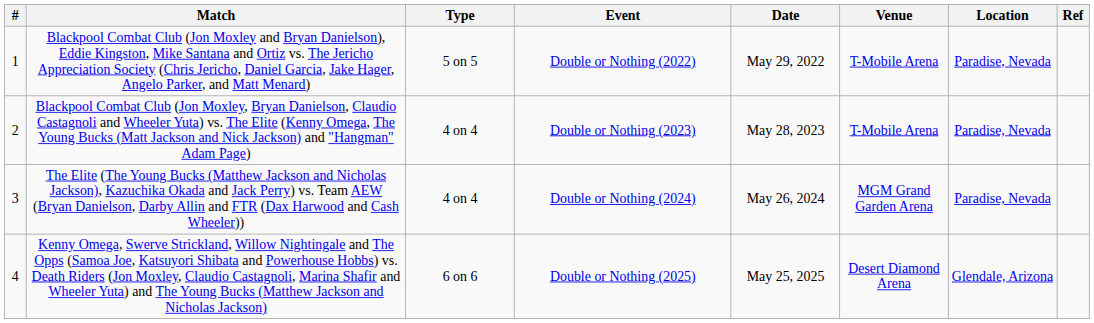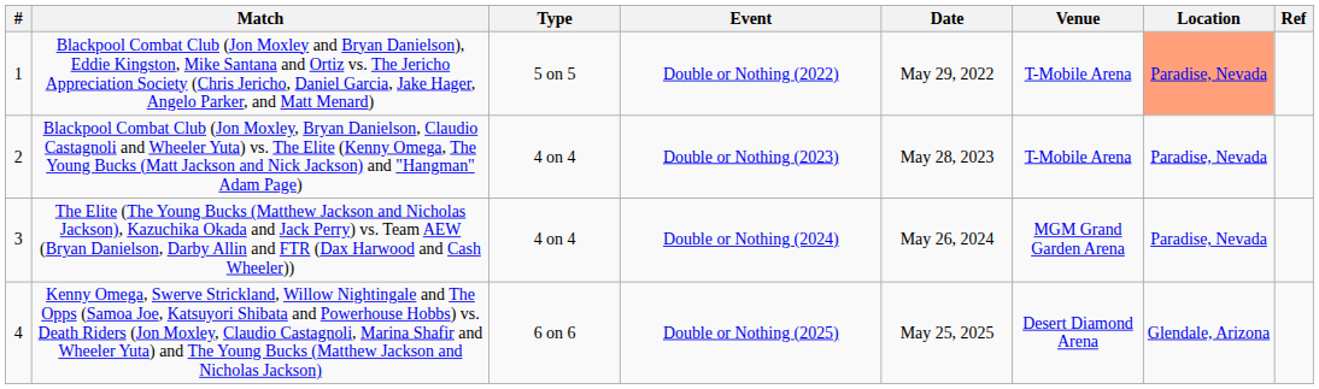 <table class="wikitable plainrowheaders" style="text-align:center"; margin-right: 0;">
 <tr>
 <th width=2%>#</th>
 <th width=35%>Match</th>
 <th width=10%>Type</th>
 <th width=20%>Event</th>
 <th width=10%>Date</th>
 <th width=10%>Venue</th>
 <th width=10%>Location</th>
 <th width=3%>Ref</th>
 </tr>
 <tr>
 <td align=center>1</td>
 <td><a href='#'>Blackpool Combat Club</a> (<a href='#'>Jon Moxley</a> and <a href='#'>Bryan Danielson</a>), <a href='#'>Eddie Kingston</a>, <a href='#'>Mike Santana</a> and <a href='#'>Ortiz</a> vs. <a href='#'>The Jericho Appreciation Society</a> (<a href='#'>Chris Jericho</a>, <a href='#'>Daniel Garcia</a>, <a href='#'>Jake Hager</a>, <a href='#'>Angelo Parker</a>, and <a href='#'>Matt Menard</a>)</td>
 <td>5 on 5</td>
 <td><a href='#'>Double or Nothing (2022)</a></td>
 <td>May 29, 2022</td>
 <td><a href='#'>T-Mobile Arena</a></td>
-<td><a href='#'>Paradise, Nevada</a></td>
+<td style="background: lightsalmon;"><a href='#'>Paradise, Nevada</a></td>
 <td></td>
 </tr>
 <tr>
 <td align=center>2</td>
 <td><a href='#'>Blackpool Combat Club</a> (<a href='#'>Jon Moxley</a>, <a href='#'>Bryan Danielson</a>, <a href='#'>Claudio Castagnoli</a> and <a href='#'>Wheeler Yuta</a>) vs. <a href='#'>The Elite</a> (<a href='#'>Kenny Omega</a>, <a href='#'>The Young Bucks (Matt Jackson and Nick Jackson)</a> and <a href='#'>"Hangman" Adam Page</a>)</td>
 <td>4 on 4</td>
 <td><a href='#'>Double or Nothing (2023)</a></td>
 <td>May 28, 2023</td>
 <td><a href='#'>T-Mobile Arena</a></td>
 <td><a href='#'>Paradise, Nevada</a></td>
 <td></td>
 </tr>
 <tr>
 <td align=center>3</td>
 <td><a href='#'>The Elite</a> (<a href='#'>The Young Bucks (Matthew Jackson and Nicholas Jackson)</a>, <a href='#'>Kazuchika Okada</a> and <a href='#'>Jack Perry</a>) vs. Team <a href='#'>AEW</a> (<a href='#'>Bryan Danielson</a>, <a href='#'>Darby Allin</a> and <a href='#'>FTR</a> (<a href='#'>Dax Harwood</a> and <a href='#'>Cash Wheeler</a>))</td>
 <td>4 on 4</td>
 <td><a href='#'>Double or Nothing (2024)</a></td>
 <td>May 26, 2024</td>
 <td><a href='#'>MGM Grand Garden Arena</a></td>
 <td><a href='#'>Paradise, Nevada</a></td>
 <td></td>
 </tr>
 <tr>
 <td align=center>4</td>
 <td><a href='#'>Kenny Omega</a>, <a href='#'>Swerve Strickland</a>, <a href='#'>Willow Nightingale</a> and <a href='#'>The Opps</a> (<a href='#'>Samoa Joe</a>, <a href='#'>Katsuyori Shibata</a> and <a href='#'>Powerhouse Hobbs</a>) vs. <a href='#'>Death Riders</a> (<a href='#'>Jon Moxley</a>, <a href='#'>Claudio Castagnoli</a>, <a href='#'>Marina Shafir</a> and <a href='#'>Wheeler Yuta</a>) and <a href='#'>The Young Bucks (Matthew Jackson and Nicholas Jackson)</a></td>
 <td>6 on 6</td>
 <td><a href='#'>Double or Nothing (2025)</a></td>
 <td>May 25, 2025</td>
 <td><a href='#'>Desert Diamond Arena</a></td>
 <td><a href='#'>Glendale, Arizona</a></td>
 </tr>
 </table>
